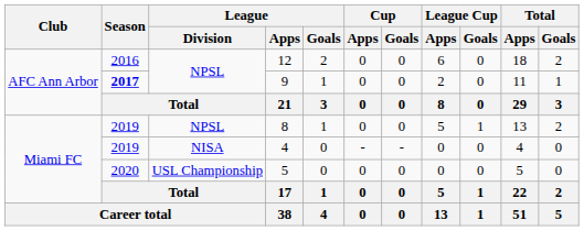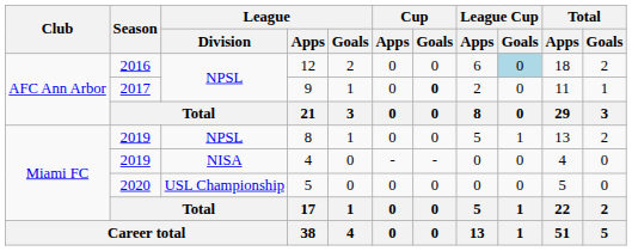 <table class="wikitable" style="text-align: center;">
 <tr>
 <th rowspan="2">Club</th>
 <th rowspan="2">Season</th>
 <th colspan="3">League</th>
 <th colspan="2">Cup</th>
 <th colspan="2">League Cup</th>
 <th colspan="2">Total</th>
 </tr>
 <tr>
 <th>Division</th>
 <th>Apps</th>
 <th>Goals</th>
 <th>Apps</th>
 <th>Goals</th>
 <th>Apps</th>
 <th>Goals</th>
 <th>Apps</th>
 <th>Goals</th>
 </tr>
 <tr>
 <td rowspan="3" valign="center"><a href='#'>AFC Ann Arbor</a></td>
 <td><a href='#'>2016</a></td>
 <td Rowspan="2"><a href='#'>NPSL</a></td>
 <td>12</td>
 <td>2</td>
 <td>0</td>
 <td>0</td>
 <td>6</td>
-<td>0</td>
+<td style="background: lightblue;">0</td>
 <td>18</td>
 <td>2</td>
 </tr>
 <tr>
-<td><strong><a href='#'>2017</a></strong></td>
+<td><a href='#'>2017</a></td>
 <td>9</td>
 <td>1</td>
 <td>0</td>
-<td>0</td>
+<td><strong>0</strong></td>
 <td>2</td>
 <td>0</td>
 <td>11</td>
 <td>1</td>
 </tr>
 <tr>
 <th colspan="2">Total</th>
 <th>21</th>
 <th>3</th>
 <th>0</th>
 <th>0</th>
 <th>8</th>
 <th>0</th>
 <th>29</th>
 <th>3</th>
 </tr>
 <tr>
 <td rowspan="4" valign="center"><a href='#'>Miami FC</a></td>
 <td><a href='#'>2019</a></td>
 <td Rowspan="1"><a href='#'>NPSL</a></td>
 <td>8</td>
 <td>1</td>
 <td>0</td>
 <td>0</td>
 <td>5</td>
 <td>1</td>
 <td>13</td>
 <td>2</td>
 </tr>
 <tr>
 <td><a href='#'>2019</a></td>
 <td Rowspan="1"><a href='#'>NISA</a></td>
 <td>4</td>
 <td>0</td>
 <td>-</td>
 <td>-</td>
 <td>0</td>
 <td>0</td>
 <td>4</td>
 <td>0</td>
 </tr>
 <tr>
 <td><a href='#'>2020</a></td>
 <td Rowspan="1"><a href='#'>USL Championship</a></td>
 <td>5</td>
 <td>0</td>
 <td>0</td>
 <td>0</td>
 <td>0</td>
 <td>0</td>
 <td>5</td>
 <td>0</td>
 </tr>
 <tr>
 <th colspan="2">Total</th>
 <th>17</th>
 <th>1</th>
 <th>0</th>
 <th>0</th>
 <th>5</th>
 <th>1</th>
 <th>22</th>
 <th>2</th>
 </tr>
 <tr>
 <th colspan="3">Career total</th>
 <th>38</th>
 <th>4</th>
 <th>0</th>
 <th>0</th>
 <th>13</th>
 <th>1</th>
 <th>51</th>
 <th>5</th>
 </tr>
 </table>
